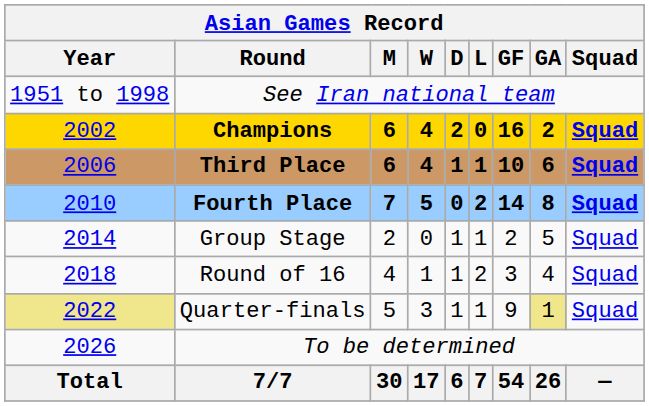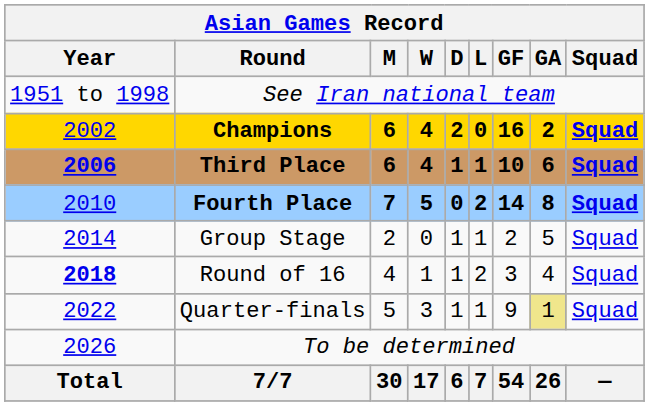 <table class="wikitable" style="text-align: center;">
 <tr>
 <th colspan=9><a href='#'>Asian Games</a> Record</th>
 </tr>
 <tr>
 <th>Year</th>
 <th>Round</th>
 <th>M</th>
 <th>W</th>
 <th>D</th>
 <th>L</th>
 <th>GF</th>
 <th>GA</th>
 <th>Squad</th>
 </tr>
 <tr>
 <td><a href='#'>1951</a> to <a href='#'>1998</a></td>
 <td colspan=8><em>See <a href='#'>Iran national team</a></em></td>
 </tr>
 <tr bgcolor=gold>
 <td> <a href='#'>2002</a></td>
 <td><strong>Champions</strong></td>
 <td><strong>6</strong></td>
 <td><strong>4</strong></td>
 <td><strong>2</strong></td>
 <td><strong>0</strong></td>
 <td><strong>16</strong></td>
 <td><strong>2</strong></td>
 <td><strong><a href='#'>Squad</a></strong></td>
 </tr>
 <tr bgcolor=#C96>
-<td> <a href='#'>2006</a></td>
+<td><strong> <a href='#'>2006</a></strong></td>
 <td><strong>Third Place</strong></td>
 <td><strong>6</strong></td>
 <td><strong>4</strong></td>
 <td><strong>1</strong></td>
 <td><strong>1</strong></td>
 <td><strong>10</strong></td>
 <td><strong>6</strong></td>
 <td><strong><a href='#'>Squad</a></strong></td>
 </tr>
 <tr bgcolor=#9acdff>
 <td> <a href='#'>2010</a></td>
 <td><strong>Fourth Place</strong></td>
 <td><strong>7</strong></td>
 <td><strong>5</strong></td>
 <td><strong>0</strong></td>
 <td><strong>2</strong></td>
 <td><strong>14</strong></td>
 <td><strong>8</strong></td>
 <td><strong><a href='#'>Squad</a></strong></td>
 </tr>
 <tr>
 <td> <a href='#'>2014</a></td>
 <td>Group Stage</td>
 <td>2</td>
 <td>0</td>
 <td>1</td>
 <td>1</td>
 <td>2</td>
 <td>5</td>
 <td><a href='#'>Squad</a></td>
 </tr>
 <tr>
-<td> <a href='#'>2018</a></td>
+<td><strong> <a href='#'>2018</a></strong></td>
 <td>Round of 16</td>
 <td>4</td>
 <td>1</td>
 <td>1</td>
 <td>2</td>
 <td>3</td>
 <td>4</td>
 <td><a href='#'>Squad</a></td>
 </tr>
 <tr>
-<td style="background: khaki;"> <a href='#'>2022</a></td>
+<td> <a href='#'>2022</a></td>
 <td>Quarter-finals</td>
 <td>5</td>
 <td>3</td>
 <td>1</td>
 <td>1</td>
 <td>9</td>
 <td style="background: khaki;">1</td>
 <td><a href='#'>Squad</a></td>
 </tr>
 <tr>
 <td> <a href='#'>2026</a></td>
 <td colspan=8><em>To be determined</em></td>
 </tr>
 <tr>
 <th><strong>Total</strong></th>
 <th><strong>7/7</strong></th>
 <th><strong>30</strong></th>
 <th><strong>17</strong></th>
 <th><strong>6</strong></th>
 <th><strong>7</strong></th>
 <th><strong>54</strong></th>
 <th><strong>26</strong></th>
 <th>—</th>
 </tr>
 </table>
